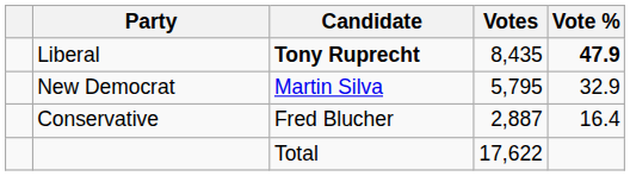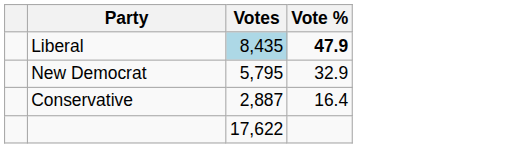 <table class="wikitable">
 <tr>
 <th></th>
 <th scope="col" width="175">Party</th>
-<th scope="col" width="150">Candidate</th>
 <th>Votes</th>
 <th>Vote %</th>
 </tr>
 <tr>
 <td>   </td>
 <td>Liberal</td>
-<td><strong>Tony Ruprecht</strong></td>
-<td align=right>8,435</td>
+<td align=right style="background: lightblue;">8,435</td>
 <td align=right><strong>47.9</strong></td>
 </tr>
 <tr>
 <td>   </td>
 <td>New Democrat</td>
-<td><a href='#'>Martin Silva</a></td>
 <td align=right>5,795</td>
 <td align=right>32.9</td>
 </tr>
 <tr |>
 <td>   </td>
 <td>Conservative</td>
-<td>Fred Blucher</td>
 <td align=right>2,887</td>
 <td align=right>16.4<br> </td>
 </tr>
 <tr |>
 <td></td>
 <td></td>
-<td>Total</td>
 <td align=right>17,622</td>
 <td></td>
 </tr>
 </table>
